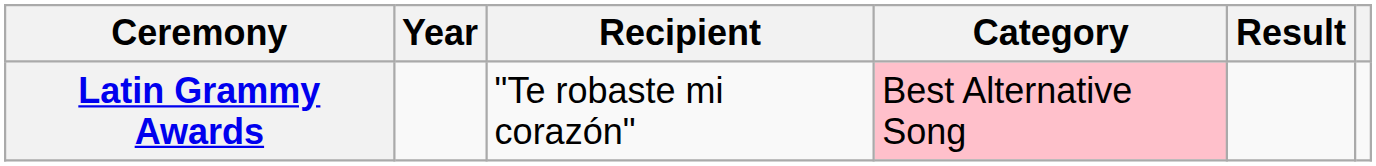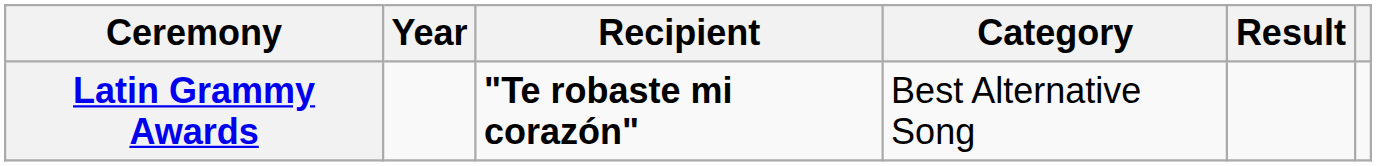 <table class="wikitable plainrowheaders sortable">
 <tr>
 <th scope="col">Ceremony</th>
 <th scope="col">Year</th>
 <th scope="col">Recipient</th>
 <th scope="col">Category</th>
 <th scope="col">Result</th>
 <th scope="col" class="unsortable"></th>
 </tr>
 <tr>
 <th scope="row" rowspan="2"><a href='#'>Latin Grammy Awards</a></th>
 <td></td>
-<td>"Te robaste mi corazón"<br></td>
-<td style="background: pink;">Best Alternative Song</td>
+<td><strong>"Te robaste mi corazón"<br></strong></td>
+<td>Best Alternative Song</td>
 <td></td>
 <td></td>
 </tr>
 </table>
